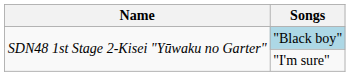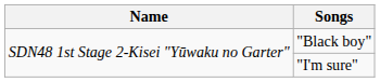 <table class="wikitable">
 <tr>
 <th>Name</th>
 <th>Songs</th>
 </tr>
 <tr>
 <td rowspan="2"><em>SDN48 1st Stage 2-Kisei "Yūwaku no Garter"</em></td>
-<td style="background: lightblue;">"Black boy"</td>
+<td>"Black boy"</td>
 </tr>
 <tr>
 <td>"I'm sure"</td>
 </tr>
 </table>
